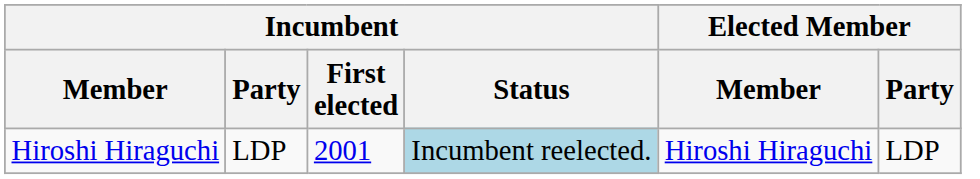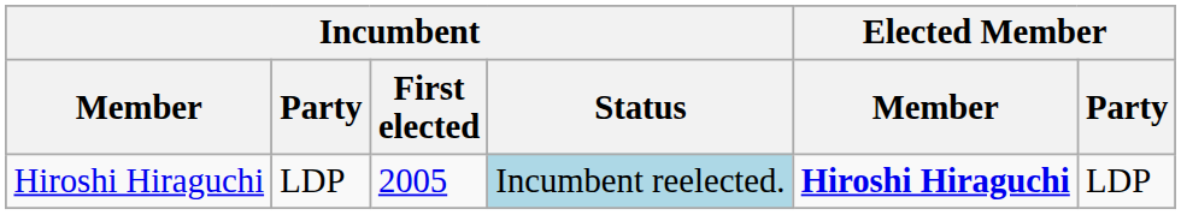 <table class="wikitable sortable">
 <tr>
 <th colspan=4>Incumbent</th>
 <th colspan=2>Elected Member</th>
 </tr>
 <tr>
 <th>Member</th>
 <th>Party</th>
 <th>First<br>elected</th>
 <th>Status</th>
 <th>Member</th>
 <th>Party</th>
 </tr>
 <tr>
 <td><a href='#'>Hiroshi Hiraguchi</a></td>
 <td>LDP</td>
-<td><a href='#'>2001</a></td>
+<td><a href='#'>2005</a></td>
 <td style="background: lightblue;">Incumbent reelected.</td>
-<td><a href='#'>Hiroshi Hiraguchi</a></td>
+<td><strong><a href='#'>Hiroshi Hiraguchi</a></strong></td>
 <td>LDP</td>
 </tr>
 </table>
